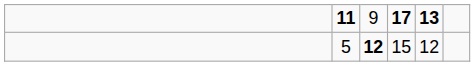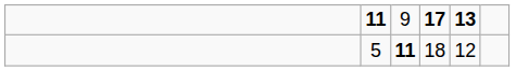 <table class="wikitable">
 <tr>
 <td style="width:18em"><strong></strong></td>
 <td align=center style="width:1em"><strong>11</strong></td>
 <td align=center style="width:1em">9</td>
 <td align=center style="width:1em"><strong>17</strong></td>
 <td align=center style="width:1em"><strong>13</strong></td>
 <td align=center style="width:1em"></td>
 </tr>
 <tr>
 <td style="width:18em"></td>
 <td align=center style="width:1em">5</td>
-<td align=center style="width:1em"><strong>12</strong></td>
-<td align=center style="width:1em">15</td>
+<td align=center style="width:1em"><strong>11</strong></td>
+<td align=center style="width:1em">18</td>
 <td align=center style="width:1em">12</td>
 <td align=center style="width:1em"></td>
 </tr>
 </table>
